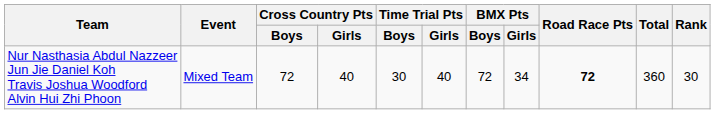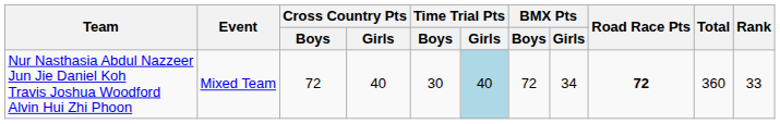 <table class="wikitable" border="1" style="font-size:90%">
 <tr>
 <th rowspan=2>Team</th>
 <th rowspan=2>Event</th>
 <th colspan=2>Cross Country Pts</th>
 <th colspan=2>Time Trial Pts</th>
 <th colspan=2>BMX Pts</th>
 <th rowspan=2>Road Race Pts</th>
 <th rowspan=2>Total</th>
 <th rowspan=2>Rank</th>
 </tr>
 <tr>
 <th>Boys</th>
 <th>Girls</th>
 <th>Boys</th>
 <th>Girls</th>
 <th>Boys</th>
 <th>Girls</th>
 </tr>
 <tr>
 <td><a href='#'>Nur Nasthasia Abdul Nazzeer</a><br><a href='#'>Jun Jie Daniel Koh</a><br><a href='#'>Travis Joshua Woodford</a><br><a href='#'>Alvin Hui Zhi Phoon</a></td>
 <td><a href='#'>Mixed Team</a></td>
 <td align=center>72</td>
 <td align=center>40</td>
 <td align=center>30</td>
-<td align=center>40</td>
+<td align=center style="background: lightblue;">40</td>
 <td align=center>72</td>
 <td align=center>34</td>
 <td align=center><strong>72</strong></td>
 <td align=center>360</td>
-<td align=center>30</td>
+<td align=center>33</td>
 </tr>
 </table>
